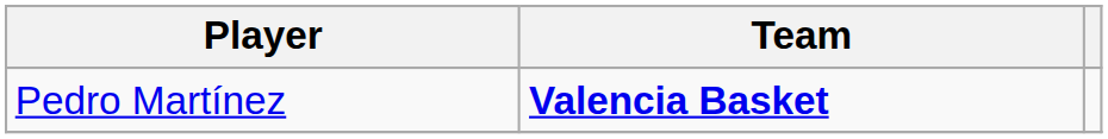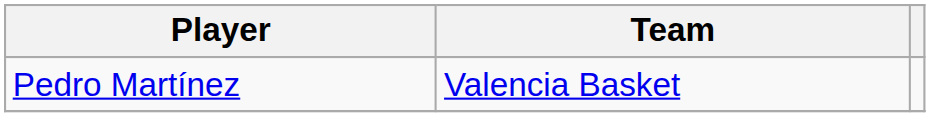 <table class="wikitable" style="text-align: center;">
 <tr>
 <th style="width:200px;">Player</th>
 <th style="width:220px;">Team</th>
 <th></th>
 </tr>
 <tr>
 <td align="left"> <a href='#'>Pedro Martínez</a></td>
-<td align="left"><strong> <a href='#'>Valencia Basket</a></strong></td>
+<td align="left"> <a href='#'>Valencia Basket</a></td>
 <td></td>
 </tr>
 <tr>
 </tr>
 </table>
